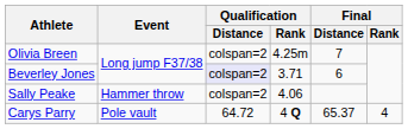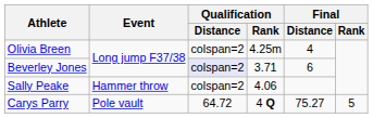 <table class="wikitable" style="font-size:90%">
 <tr>
 <th rowspan=2>Athlete</th>
 <th rowspan=2>Event</th>
 <th colspan=2>Qualification</th>
 <th colspan=2>Final</th>
 </tr>
 <tr style="font-size:95%">
 <th>Distance</th>
 <th>Rank</th>
 <th>Distance</th>
 <th>Rank</th>
 </tr>
 <tr align=center>
 <td align=left><a href='#'>Olivia Breen</a></td>
 <td align=left rowspan=2><a href='#'>Long jump F37/38</a></td>
 <td>colspan=2 </td>
 <td>4.25m</td>
-<td>7</td>
+<td>4</td>
 </tr>
 <tr align=center>
 <td align=left><a href='#'>Beverley Jones</a></td>
 <td style="background: lavender;">colspan=2 </td>
 <td>3.71</td>
 <td>6</td>
 </tr>
 <tr align=center>
 <td align=left><a href='#'>Sally Peake</a></td>
 <td align=left><a href='#'>Hammer throw</a></td>
 <td>colspan=2 </td>
 <td>4.06</td>
 <td></td>
 </tr>
 <tr align=center>
 <td align=left><a href='#'>Carys Parry</a></td>
 <td align=left><a href='#'>Pole vault</a></td>
 <td>64.72</td>
 <td>4 <strong>Q</strong></td>
-<td>65.37</td>
-<td>4</td>
+<td>75.27</td>
+<td>5</td>
 </tr>
 </table>
